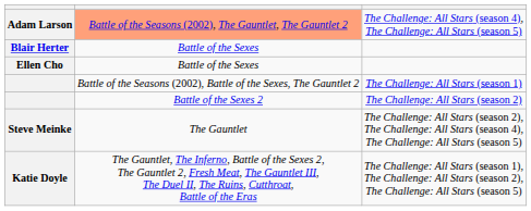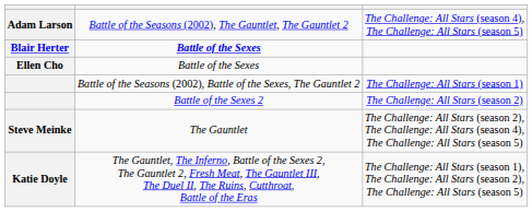 <table class="wikitable sortable" style="text-align:center">
 <tr>
 <th scope="col"></th>
 <th scope="col"></th>
 <th scope="col"></th>
 </tr>
 <tr>
 <th scope="row">Adam Larson</th>
-<td style="background: lightsalmon;"><a href='#'><em>Battle of the Seasons</em> (2002)</a>, <em><a href='#'>The Gauntlet</a></em>, <em><a href='#'>The Gauntlet 2</a></em></td>
+<td><a href='#'><em>Battle of the Seasons</em> (2002)</a>, <em><a href='#'>The Gauntlet</a></em>, <em><a href='#'>The Gauntlet 2</a></em></td>
 <td><a href='#'><em>The Challenge: All Stars</em> (season 4)</a>,<br><a href='#'><em>The Challenge: All Stars</em> (season 5)</a></td>
 </tr>
 <tr>
 <th scope="row"><a href='#'>Blair Herter</a></th>
-<td><em><a href='#'>Battle of the Sexes</a></em></td>
+<td><strong><em><a href='#'>Battle of the Sexes</a></em></strong></td>
 <td></td>
 </tr>
 <tr>
 <th scope="row">Ellen Cho</th>
 <td><em>Battle of the Sexes</em></td>
 <td></td>
 </tr>
 <tr>
 <th scope="row"></th>
 <td><em>Battle of the Seasons</em> (2002), <em>Battle of the Sexes</em>, <em>The Gauntlet 2</em></td>
 <td><a href='#'><em>The Challenge: All Stars</em> (season 1)</a></td>
 </tr>
 <tr>
 <th scope="row"></th>
 <td><em><a href='#'>Battle of the Sexes 2</a></em></td>
 <td><a href='#'><em>The Challenge: All Stars</em> (season 2)</a></td>
 </tr>
 <tr>
 <th scope="row">Steve Meinke</th>
 <td><em>The Gauntlet</em></td>
 <td><em>The Challenge: All Stars</em> (season 2),<br><em>The Challenge: All Stars</em> (season 4),<br><em>The Challenge: All Stars</em> (season 5)</td>
 </tr>
 <tr>
 <th scope="row">Katie Doyle</th>
 <td><em>The Gauntlet</em>, <em><a href='#'>The Inferno</a></em>, <em>Battle of the Sexes 2</em>,<br><em>The Gauntlet 2</em>, <em><a href='#'>Fresh Meat</a></em>, <em><a href='#'>The Gauntlet III</a></em>,<br><em><a href='#'>The Duel II</a></em>, <em><a href='#'>The Ruins</a></em>, <em><a href='#'>Cutthroat</a></em>,<br><em><a href='#'>Battle of the Eras</a></em></td>
 <td><em>The Challenge: All Stars</em> (season 1),<br><em>The Challenge: All Stars</em> (season 2),<br><em>The Challenge: All Stars</em> (season 5)</td>
 </tr>
 </table>
